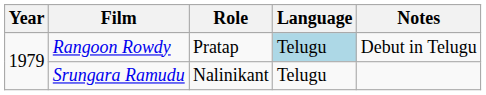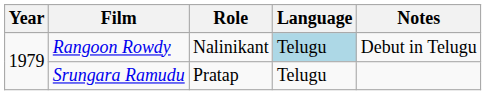 <table class="wikitable sortable">
 <tr>
 <th>Year</th>
 <th>Film</th>
 <th>Role</th>
 <th>Language</th>
 <th>Notes</th>
 </tr>
 <tr>
 <td rowspan="2">1979</td>
 <td><em><a href='#'>Rangoon Rowdy</a></em></td>
-<td>Pratap</td>
+<td>Nalinikant</td>
 <td style="background: lightblue;">Telugu</td>
 <td>Debut in Telugu</td>
 </tr>
 <tr>
 <td><em><a href='#'>Srungara Ramudu</a></em></td>
-<td>Nalinikant</td>
+<td>Pratap</td>
 <td>Telugu</td>
 <td></td>
 </tr>
 </table>
